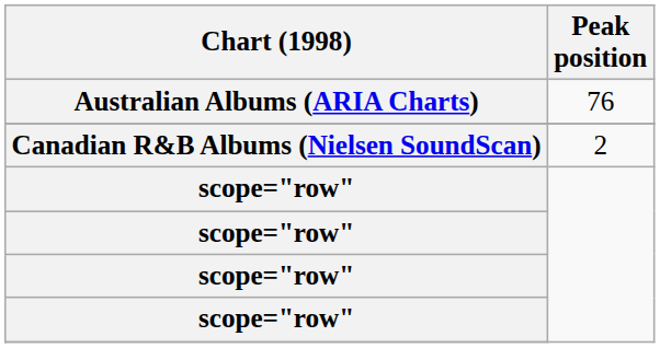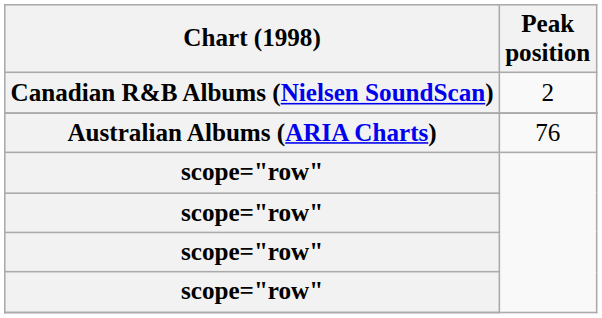 <table class="wikitable sortable plainrowheaders" style="text-align:center">
 <tr>
 <th scope="col">Chart (1998)</th>
 <th scope="col">Peak<br>position</th>
 </tr>
 <tr>
-<th scope="row">Australian Albums (<a href='#'>ARIA Charts</a>)</th>
-<td align="center">76</td>
+<th scope="row">Canadian R&B Albums (<a href='#'>Nielsen SoundScan</a>)</th>
+<td style="text-align:center;">2</td>
 </tr>
 <tr>
 </tr>
 <tr>
-<th scope="row">Canadian R&B Albums (<a href='#'>Nielsen SoundScan</a>)</th>
-<td style="text-align:center;">2</td>
+<th scope="row">Australian Albums (<a href='#'>ARIA Charts</a>)</th>
+<td align="center">76</td>
 </tr>
 <tr>
 <th>scope="row" </th>
 </tr>
 <tr>
 <th>scope="row" </th>
 </tr>
 <tr>
 <th>scope="row" </th>
 </tr>
 <tr>
 <th>scope="row" </th>
 </tr>
 <tr>
 </tr>
 <tr>
 </tr>
 </table>
